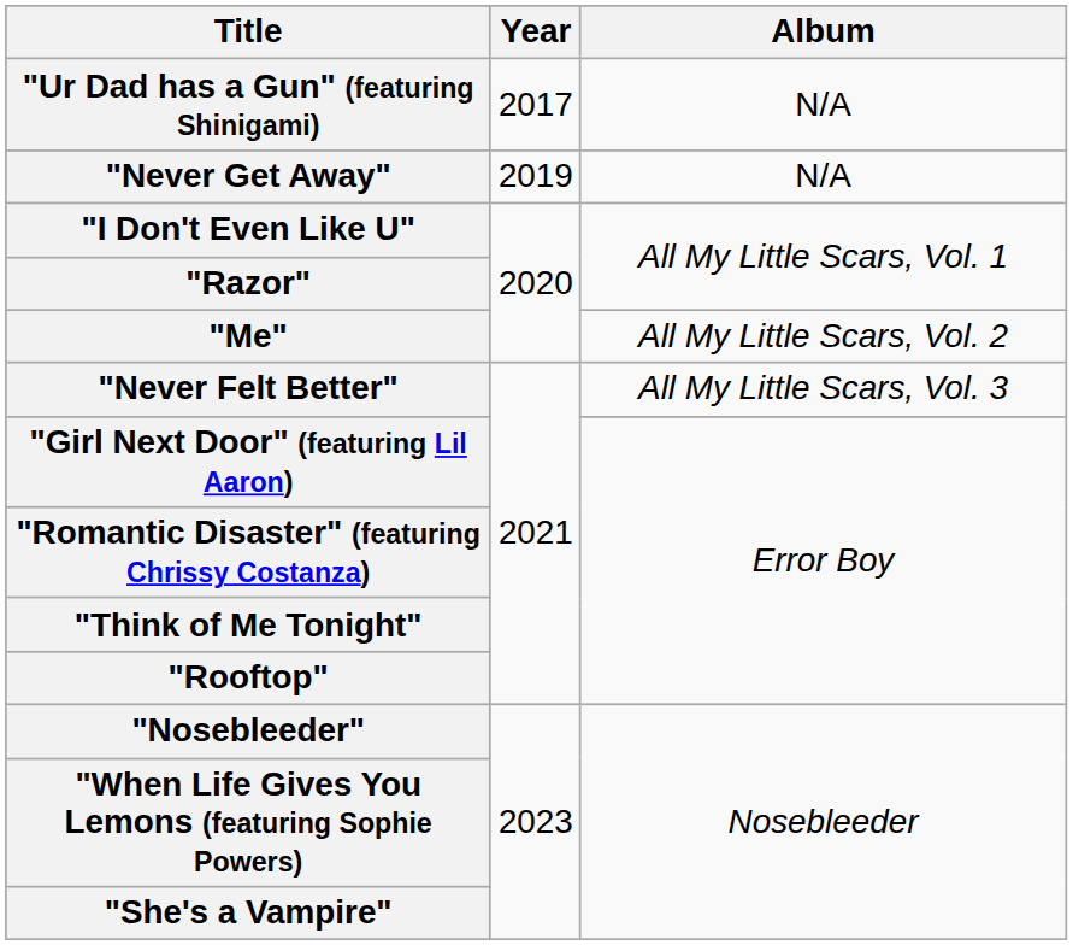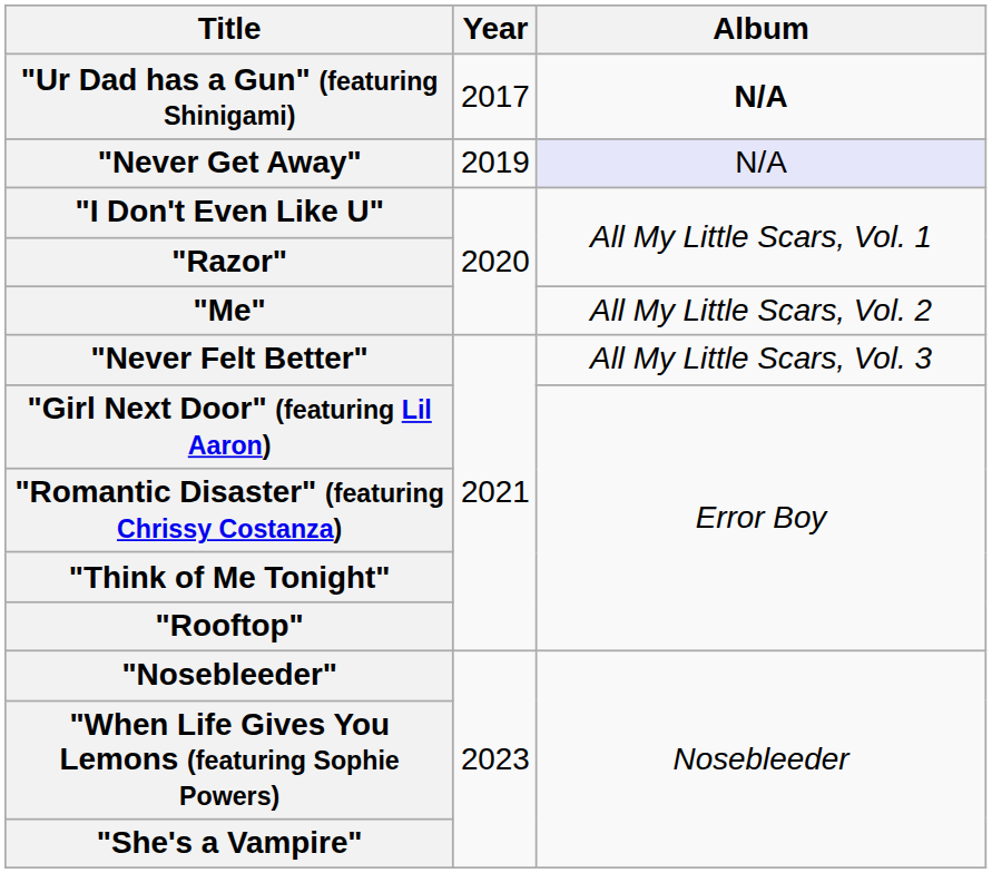 <table class="wikitable plainrowheaders" style="text-align:center;">
 <tr>
 <th scope="col" style="width:14em;">Title</th>
 <th scope="col" style="width:1em;">Year</th>
 <th scope="col" style="width:14em;">Album</th>
 </tr>
 <tr>
 <th scope="row">"Ur Dad has a Gun" <small>(featuring Shinigami)</small></th>
 <td rowspan=1>2017</td>
-<td rowspan=1>N/A</td>
+<td rowspan=1><strong>N/A</strong></td>
 </tr>
 <tr>
 <th scope="row">"Never Get Away"</th>
 <td rowspan=1>2019</td>
-<td rowspan=1>N/A</td>
+<td rowspan=1 style="background: lavender;">N/A</td>
 </tr>
 <tr>
 <th scope="row">"I Don't Even Like U"</th>
 <td rowspan=3>2020</td>
 <td rowspan=2><em>All My Little Scars, Vol. 1</em></td>
 </tr>
 <tr>
 <th scope="row">"Razor"</th>
 </tr>
 <tr>
 <th scope="row">"Me"</th>
 <td rowspan=1><em>All My Little Scars, Vol. 2</em></td>
 </tr>
 <tr>
 <th scope="row">"Never Felt Better"</th>
 <td rowspan=5>2021</td>
 <td rowspan=1><em>All My Little Scars, Vol. 3</em></td>
 </tr>
 <tr>
 <th scope="row">"Girl Next Door" <small>(featuring <a href='#'>Lil Aaron</a>)</small></th>
 <td rowspan=4><em>Error Boy</em></td>
 </tr>
 <tr>
 <th scope="row">"Romantic Disaster" <small>(featuring <a href='#'>Chrissy Costanza</a>)</small></th>
 </tr>
 <tr>
 <th scope="row">"Think of Me Tonight"</th>
 </tr>
 <tr>
 <th scope="row">"Rooftop"</th>
 </tr>
 <tr>
 <th scope="row">"Nosebleeder"</th>
 <td rowspan=3>2023</td>
 <td rowspan=3><em>Nosebleeder</em></td>
 </tr>
 <tr>
 <th scope="row">"When Life Gives You Lemons <small>(featuring Sophie Powers)</small></th>
 </tr>
 <tr>
 <th scope="row">"She's a Vampire"</th>
 </tr>
 </table>
